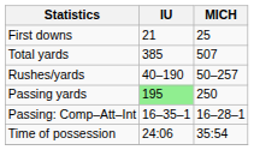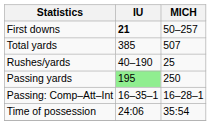 <table class="wikitable" style="float: left;">
 <tr>
 <th>Statistics</th>
 <th>IU</th>
 <th>MICH</th>
 </tr>
 <tr>
 <td>First downs</td>
-<td>21</td>
-<td>25</td>
+<td><strong>21</strong></td>
+<td>50–257</td>
 </tr>
 <tr>
 <td>Total yards</td>
 <td>385</td>
 <td>507</td>
 </tr>
 <tr>
 <td>Rushes/yards</td>
 <td>40–190</td>
-<td>50–257</td>
+<td>25</td>
 </tr>
 <tr>
 <td>Passing yards</td>
 <td style="background: lightgreen;">195</td>
 <td>250</td>
 </tr>
 <tr>
 <td>Passing: Comp–Att–Int</td>
 <td>16–35–1</td>
 <td>16–28–1</td>
 </tr>
 <tr>
 <td>Time of possession</td>
 <td>24:06</td>
 <td>35:54</td>
 </tr>
 <tr>
 </tr>
 </table>
